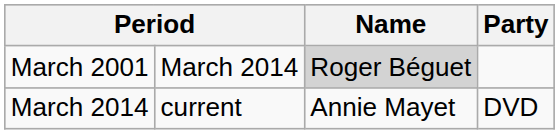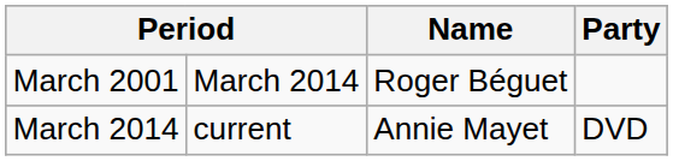 <table class="wikitable">
 <tr>
 <th colspan="2">Period</th>
 <th>Name</th>
 <th>Party</th>
 </tr>
 <tr>
 <td>March 2001</td>
 <td>March 2014</td>
-<td style="background: lightgrey;">Roger Béguet</td>
+<td>Roger Béguet</td>
 <td></td>
 </tr>
 <tr>
 <td>March 2014</td>
 <td>current</td>
 <td>Annie Mayet</td>
 <td>DVD</td>
 </tr>
 </table>
